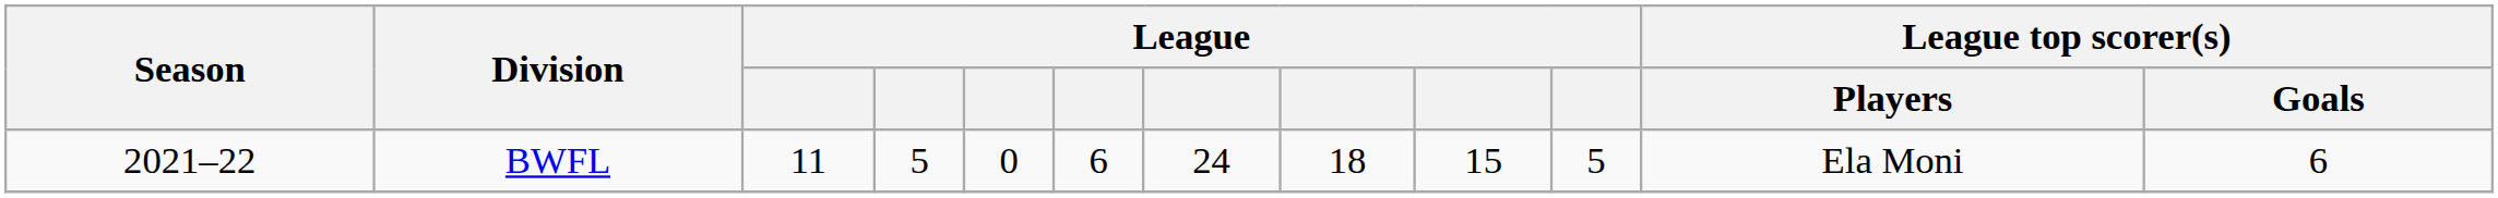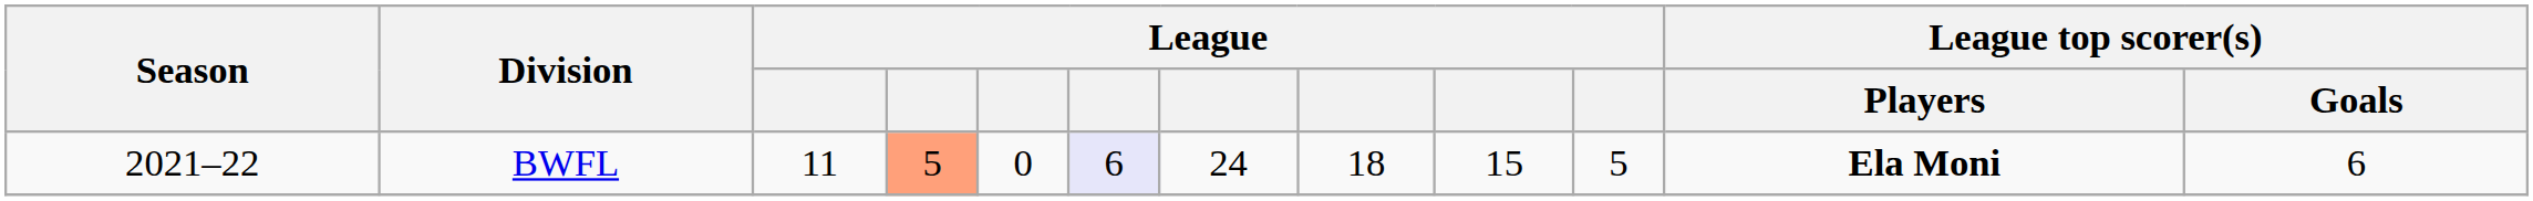 <table class="wikitable sortable" style="text-align: center; font-size: 95%; width: 1000px"">
 <tr>
 <th rowspan="2">Season</th>
 <th rowspan="2"><strong>Division</strong></th>
 <th colspan="8">League</th>
 <th colspan="2">League top scorer(s)</th>
 </tr>
 <tr>
 <th></th>
 <th></th>
 <th></th>
 <th></th>
 <th></th>
 <th></th>
 <th></th>
 <th></th>
 <th>Players</th>
 <th>Goals</th>
 </tr>
 <tr>
 <td>2021–22</td>
 <td><a href='#'>BWFL</a></td>
 <td>11</td>
-<td>5</td>
+<td style="background: lightsalmon;">5</td>
 <td>0</td>
-<td>6</td>
+<td style="background: lavender;">6</td>
 <td>24</td>
 <td>18</td>
 <td>15</td>
 <td>5</td>
-<td> Ela Moni</td>
+<td><strong> Ela Moni</strong></td>
 <td>6</td>
 </tr>
 <tr>
 </tr>
 </table>
